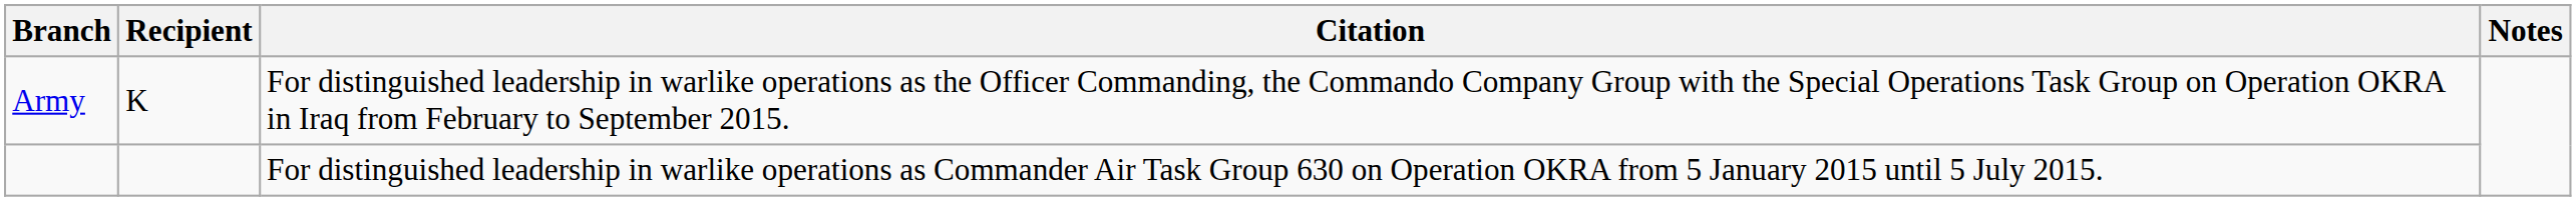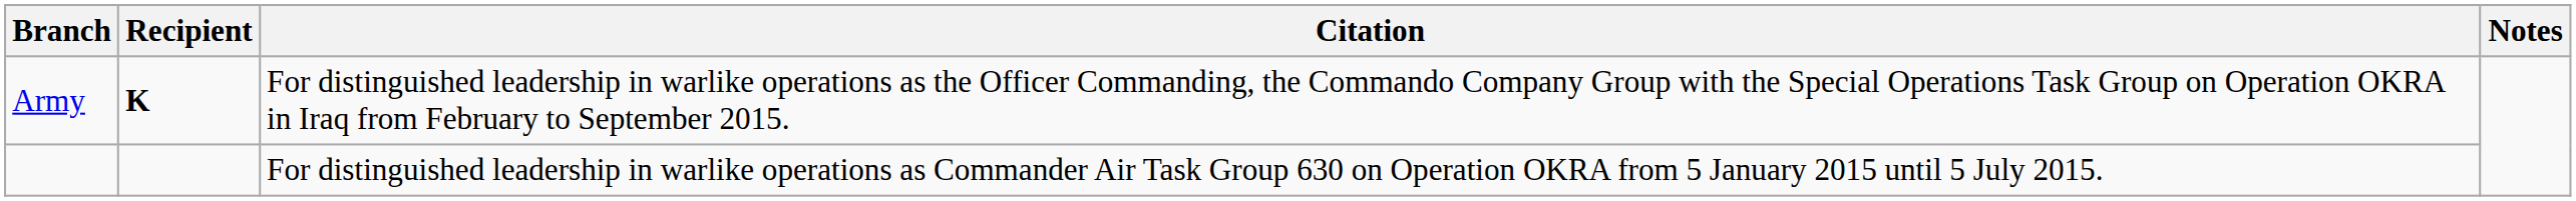 <table class="wikitable" style="font-size:95%;">
 <tr>
 <th>Branch</th>
 <th>Recipient</th>
 <th>Citation</th>
 <th>Notes</th>
 </tr>
 <tr>
 <td><a href='#'>Army</a></td>
-<td> K</td>
+<td><strong> K</strong></td>
 <td>For distinguished leadership in warlike operations as the Officer Commanding, the Commando Company Group with the Special Operations Task Group on Operation OKRA in Iraq from February to September 2015.</td>
 <td rowspan=2></td>
 </tr>
 <tr>
 <td></td>
 <td></td>
 <td>For distinguished leadership in warlike operations as Commander Air Task Group 630 on Operation OKRA from 5 January 2015 until 5 July 2015.</td>
 </tr>
 </table>
